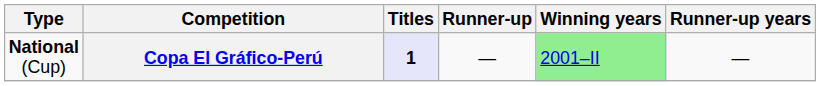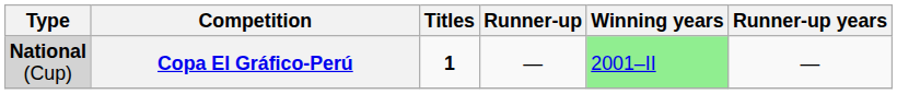 <table class="wikitable plainrowheaders" style="font-size:95%; text-align:center;">
 <tr>
 <th>Type</th>
 <th width=250px>Competition</th>
 <th>Titles</th>
 <th>Runner-up</th>
 <th>Winning years</th>
 <th>Runner-up years</th>
 </tr>
 <tr>
-<td rowspan=1><strong>National</strong><br>(Cup)</td>
+<td rowspan=1 style="background: lightgrey;"><strong>National</strong><br>(Cup)</td>
 <th scope=col><a href='#'>Copa El Gráfico-Perú</a></th>
-<td style="background: lavender;"><strong>1</strong></td>
+<td><strong>1</strong></td>
 <td style="text-align:center;">—</td>
 <td align="left" style="background: lightgreen;"><a href='#'>2001–II</a></td>
 <td style="text-align:center;">—</td>
 </tr>
 <tr>
 </tr>
 </table>
